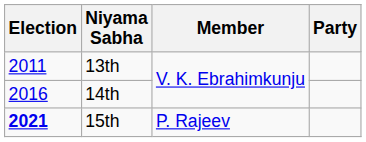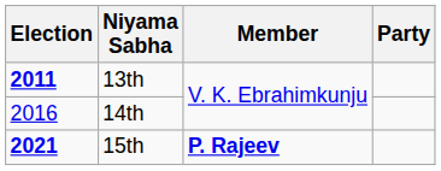 <table class="wikitable sortable">
 <tr>
 <th>Election</th>
 <th>Niyama<br>Sabha</th>
 <th>Member</th>
 <th colspan="2">Party</th>
 </tr>
 <tr>
-<td><a href='#'>2011</a></td>
+<td><strong><a href='#'>2011</a></strong></td>
 <td>13th</td>
 <td rowspan="2"><a href='#'>V. K. Ebrahimkunju</a></td>
 <td></td>
 </tr>
 <tr>
 <td><a href='#'>2016</a></td>
 <td>14th</td>
 </tr>
 <tr>
 <td><strong><a href='#'>2021</a></strong></td>
 <td>15th</td>
-<td><a href='#'>P. Rajeev</a></td>
+<td><strong><a href='#'>P. Rajeev</a></strong></td>
 <td></td>
 </tr>
 </table>
